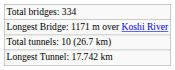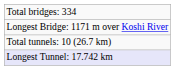 <table class="wikitable">
 <tr>
 <td>Total bridges: 334</td>
 </tr>
 <tr>
 <td>Longest Bridge: 1171 m over <a href='#'>Koshi River</a></td>
 </tr>
 <tr>
 <td>Total tunnels: 10 (26.7 km)</td>
 </tr>
 <tr>
-<td>Longest Tunnel: 17.742 km</td>
+<td style="background: lavender;">Longest Tunnel: 17.742 km</td>
 </tr>
 </table>
